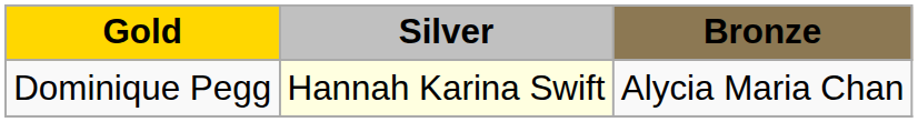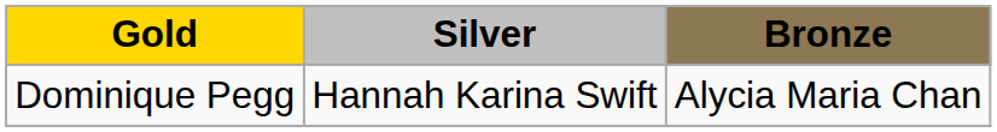 <table class="wikitable">
 <tr>
 <th style="background-color:#FFD700">Gold</th>
 <th style="background-color:#C0C0C0">Silver</th>
 <th style="background-color:#8C7853">Bronze</th>
 </tr>
 <tr>
 <td> Dominique Pegg</td>
-<td style="background: lightyellow;"> Hannah Karina Swift</td>
+<td> Hannah Karina Swift</td>
 <td> Alycia Maria Chan</td>
 </tr>
 <tr>
 </tr>
 </table>
